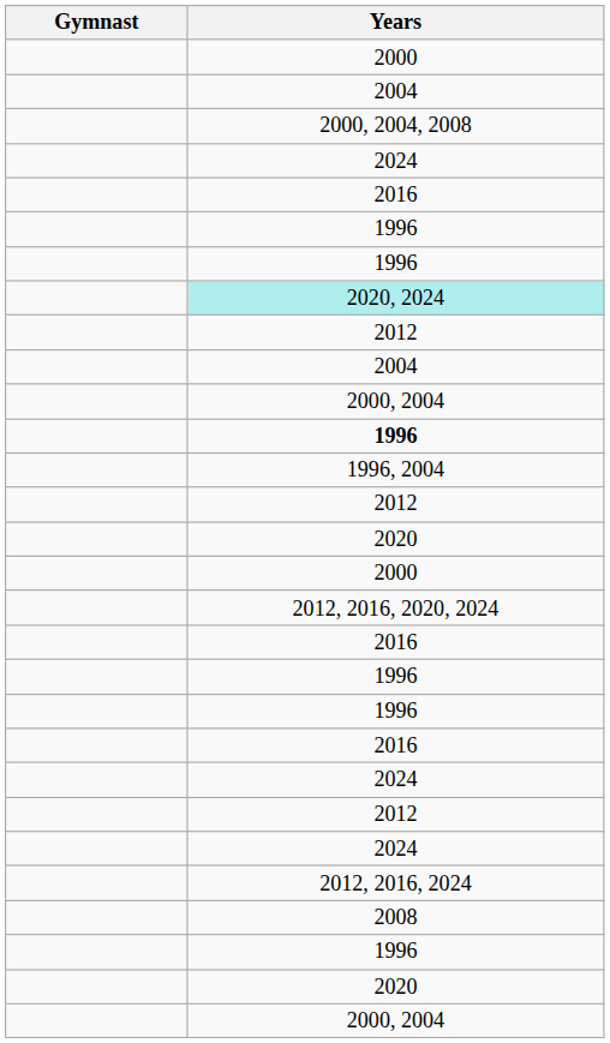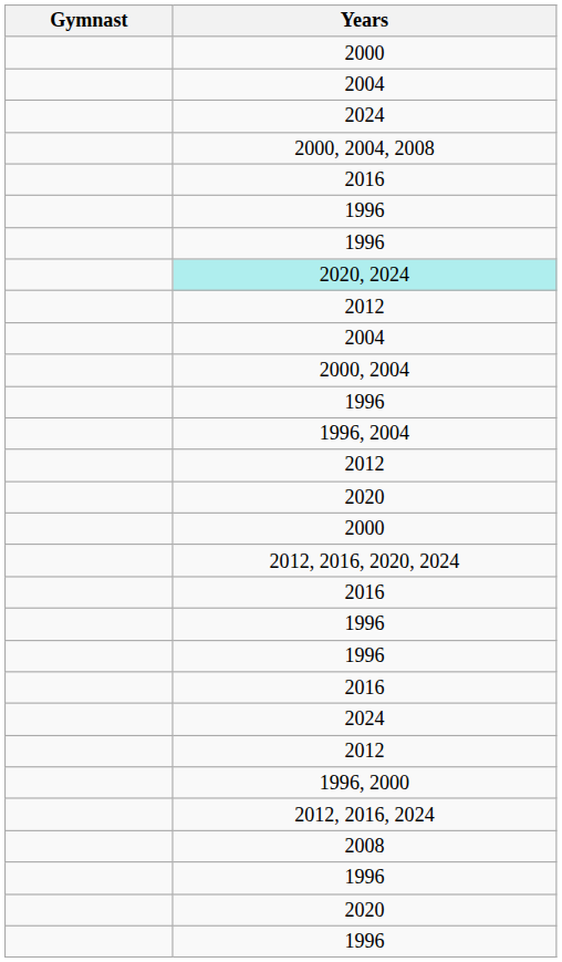 <table class="wikitable sortable" width=50% style="text-align:center;">
 <tr>
 <th>Gymnast</th>
 <th>Years</th>
 </tr>
 <tr>
 <td></td>
 <td>2000</td>
 </tr>
 <tr>
 <td></td>
 <td>2004</td>
 </tr>
 <tr>
 <td></td>
-<td>2000, 2004, 2008</td>
+<td>2024</td>
 </tr>
 <tr>
 <td></td>
-<td>2024</td>
+<td>2000, 2004, 2008</td>
 </tr>
 <tr>
 <td></td>
 <td>2016</td>
 </tr>
 <tr>
 <td></td>
 <td>1996</td>
 </tr>
 <tr>
 <td></td>
 <td>1996</td>
 </tr>
 <tr>
 <td></td>
 <td style="background: paleturquoise;">2020, 2024</td>
 </tr>
 <tr>
 <td></td>
 <td>2012</td>
 </tr>
 <tr>
 <td></td>
 <td>2004</td>
 </tr>
 <tr>
 <td></td>
 <td>2000, 2004</td>
 </tr>
 <tr>
 <td></td>
-<td><strong>1996</strong></td>
+<td>1996</td>
 </tr>
 <tr>
 <td></td>
 <td>1996, 2004</td>
 </tr>
 <tr>
 <td></td>
 <td>2012</td>
 </tr>
 <tr>
 <td></td>
 <td>2020</td>
 </tr>
 <tr>
 <td></td>
 <td>2000</td>
 </tr>
 <tr>
 <td></td>
 <td>2012, 2016, 2020, 2024</td>
 </tr>
 <tr>
 <td></td>
 <td>2016</td>
 </tr>
 <tr>
 <td></td>
 <td>1996</td>
 </tr>
 <tr>
 <td></td>
 <td>1996</td>
 </tr>
 <tr>
 <td></td>
 <td>2016</td>
 </tr>
 <tr>
 <td></td>
 <td>2024</td>
 </tr>
 <tr>
 <td></td>
 <td>2012</td>
 </tr>
 <tr>
 <td></td>
-<td>2024</td>
+<td>1996, 2000</td>
 </tr>
 <tr>
 <td></td>
 <td>2012, 2016, 2024</td>
 </tr>
 <tr>
 <td></td>
 <td>2008</td>
 </tr>
 <tr>
 <td></td>
 <td>1996</td>
 </tr>
 <tr>
 <td></td>
 <td>2020</td>
 </tr>
 <tr>
 <td></td>
-<td>2000, 2004</td>
+<td>1996</td>
 </tr>
 </table>
